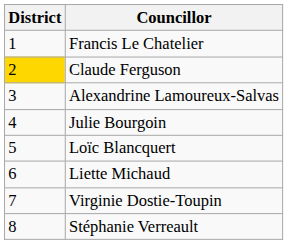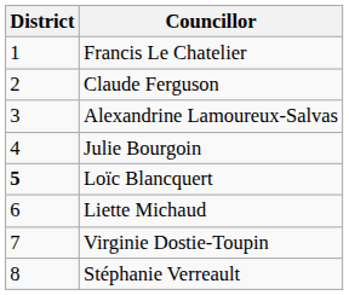 <table class="wikitable" border="1">
 <tr>
 <th>District</th>
 <th>Councillor</th>
 </tr>
 <tr>
 <td>1</td>
 <td>Francis Le Chatelier</td>
 </tr>
 <tr>
-<td style="background: gold;">2</td>
+<td>2</td>
 <td>Claude Ferguson</td>
 </tr>
 <tr>
 <td>3</td>
 <td>Alexandrine Lamoureux-Salvas</td>
 </tr>
 <tr>
 <td>4</td>
 <td>Julie Bourgoin</td>
 </tr>
 <tr>
-<td>5</td>
+<td><strong>5</strong></td>
 <td>Loïc Blancquert</td>
 </tr>
 <tr>
 <td>6</td>
 <td>Liette Michaud</td>
 </tr>
 <tr>
 <td>7</td>
 <td>Virginie Dostie-Toupin</td>
 </tr>
 <tr>
 <td>8</td>
 <td>Stéphanie Verreault</td>
 </tr>
 </table>
